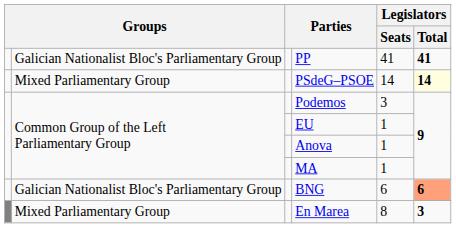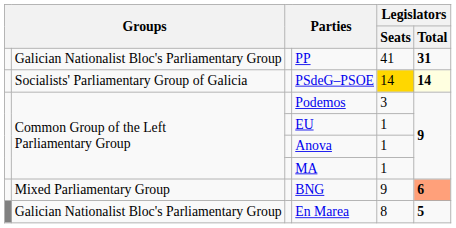 <table class="wikitable" style="text-align:left;">
 <tr>
 <th rowspan="2" colspan="2">Groups</th>
 <th rowspan="2" colspan="2">Parties</th>
 <th colspan="2">Legislators</th>
 </tr>
 <tr>
 <th>Seats</th>
 <th>Total</th>
 </tr>
 <tr>
 <td width="1" style="color:inherit;background:"></td>
 <td>Galician Nationalist Bloc's Parliamentary Group</td>
 <td width="1" style="color:inherit;background:"></td>
 <td><a href='#'>PP</a></td>
 <td>41</td>
-<td><strong>41</strong></td>
+<td><strong>31</strong></td>
 </tr>
 <tr>
 <td style="color:inherit;background:"></td>
-<td>Mixed Parliamentary Group</td>
+<td>Socialists' Parliamentary Group of Galicia</td>
 <td style="color:inherit;background:"></td>
 <td><a href='#'>PSdeG–PSOE</a></td>
-<td>14</td>
+<td style="background: gold;">14</td>
 <td style="background: lightyellow;"><strong>14</strong></td>
 </tr>
 <tr>
 <td rowspan="4" style="color:inherit;background:"></td>
 <td rowspan="4">Common Group of the Left<br>Parliamentary Group</td>
 <td style="color:inherit;background:"></td>
 <td><a href='#'>Podemos</a></td>
 <td>3</td>
 <td rowspan="4"><strong>9</strong></td>
 </tr>
 <tr>
 <td style="color:inherit;background:"></td>
 <td><a href='#'>EU</a></td>
 <td>1</td>
 </tr>
 <tr>
 <td style="color:inherit;background:"></td>
 <td><a href='#'>Anova</a></td>
 <td>1</td>
 </tr>
 <tr>
 <td style="color:inherit;background:"></td>
 <td><a href='#'>MA</a></td>
 <td>1</td>
 </tr>
 <tr>
 <td style="color:inherit;background:"></td>
-<td>Galician Nationalist Bloc's Parliamentary Group</td>
+<td>Mixed Parliamentary Group</td>
 <td style="color:inherit;background:"></td>
 <td><a href='#'>BNG</a></td>
-<td>6</td>
+<td>9</td>
 <td style="background: lightsalmon;"><strong>6</strong></td>
 </tr>
 <tr>
 <td bgcolor="gray"></td>
-<td>Mixed Parliamentary Group</td>
+<td>Galician Nationalist Bloc's Parliamentary Group</td>
 <td style="color:inherit;background:"></td>
 <td><a href='#'>En Marea</a></td>
 <td>8</td>
-<td><strong>3</strong></td>
+<td><strong>5</strong></td>
 </tr>
 </table>
